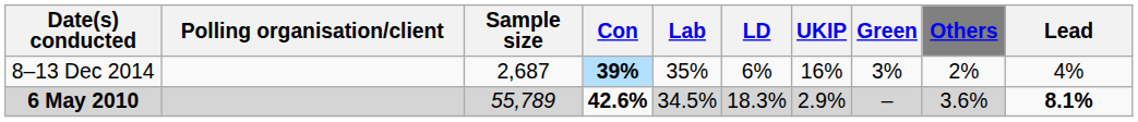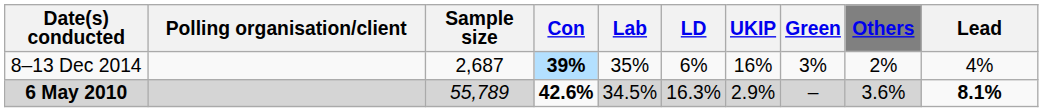 <table class="wikitable sortable" style="text-align:center;font-size:90%;line-height:14px">
 <tr>
 <th ! style="width:100px;">Date(s)<br>conducted</th>
 <th style="width:200px;">Polling organisation/client</th>
 <th class="unsortable" style="width:75px;">Sample size</th>
 <th class="unsortable" style="background:"><a href='#'><span>Con</span></a></th>
 <th class="unsortable" style="background:"><a href='#'><span>Lab</span></a></th>
 <th class="unsortable" style="background:"><a href='#'><span>LD</span></a></th>
 <th class="unsortable" style="background:"><a href='#'><span>UKIP</span></a></th>
 <th class="unsortable" style="background:"><a href='#'><span>Green</span></a></th>
 <th class="unsortable" style="background:gray; width:50px;"><a href='#'><span>Others</span></a></th>
 <th class="unsortable" style="width:80px;">Lead</th>
 </tr>
 <tr>
 <td>8–13 Dec 2014</td>
 <td> </td>
 <td>2,687</td>
 <td style="background:#B3E0FF"><strong>39%</strong></td>
 <td>35%</td>
 <td>6%</td>
 <td>16%</td>
 <td>3%</td>
 <td>2%</td>
 <td style="background:">4%</td>
 </tr>
 <tr>
 <td style="background:#D5D5D5"><strong>6 May 2010</strong></td>
 <td style="background:#D5D5D5"></td>
 <td style="background:#D5D5D5"><em>55,789</em></td>
 <td style="background:"><strong>42.6%</strong></td>
 <td style="background:#D5D5D5">34.5%</td>
-<td style="background:#D5D5D5">18.3%</td>
+<td style="background:#D5D5D5">16.3%</td>
 <td style="background:#D5D5D5">2.9%</td>
 <td style="background:#D5D5D5">–</td>
 <td style="background:#D5D5D5">3.6%</td>
 <td style="background:"><strong>8.1% </strong></td>
 </tr>
 </table>
